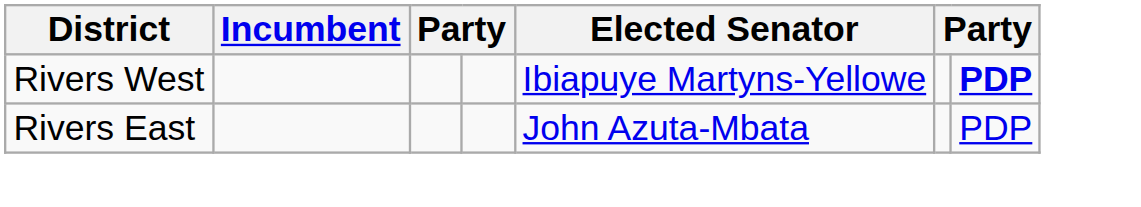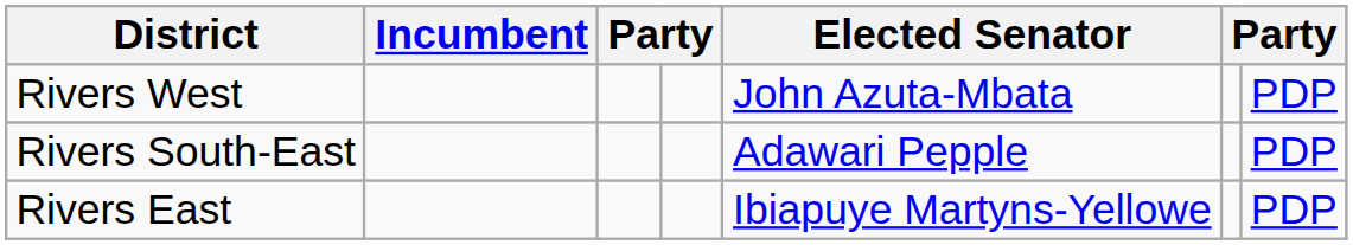 <table class="sortable wikitable" style="font-size:95%;line-height:14px;">
 <tr>
 <th class="unsortable">District</th>
 <th class="unsortable"><a href='#'>Incumbent</a></th>
 <th colspan="2">Party</th>
 <th class="unsortable">Elected Senator</th>
 <th colspan="2">Party</th>
 </tr>
 <tr>
 <td>Rivers West</td>
 <td></td>
 <td></td>
 <td></td>
-<td><a href='#'>Ibiapuye Martyns-Yellowe</a></td>
+<td><a href='#'>John Azuta-Mbata</a></td>
 <td style="background:"></td>
-<td><strong><a href='#'>PDP</a></strong></td>
+<td><a href='#'>PDP</a></td>
+</tr>
+<tr>
+<td>Rivers South-East</td>
+<td></td>
+<td></td>
+<td></td>
+<td><a href='#'>Adawari Pepple</a></td>
+<td style="background:"></td>
+<td><a href='#'>PDP</a></td>
 </tr>
 <tr>
 <td>Rivers East</td>
 <td></td>
 <td></td>
 <td></td>
-<td><a href='#'>John Azuta-Mbata</a></td>
+<td><a href='#'>Ibiapuye Martyns-Yellowe</a></td>
 <td style="background:"></td>
 <td><a href='#'>PDP</a></td>
 </tr>
 </table>
